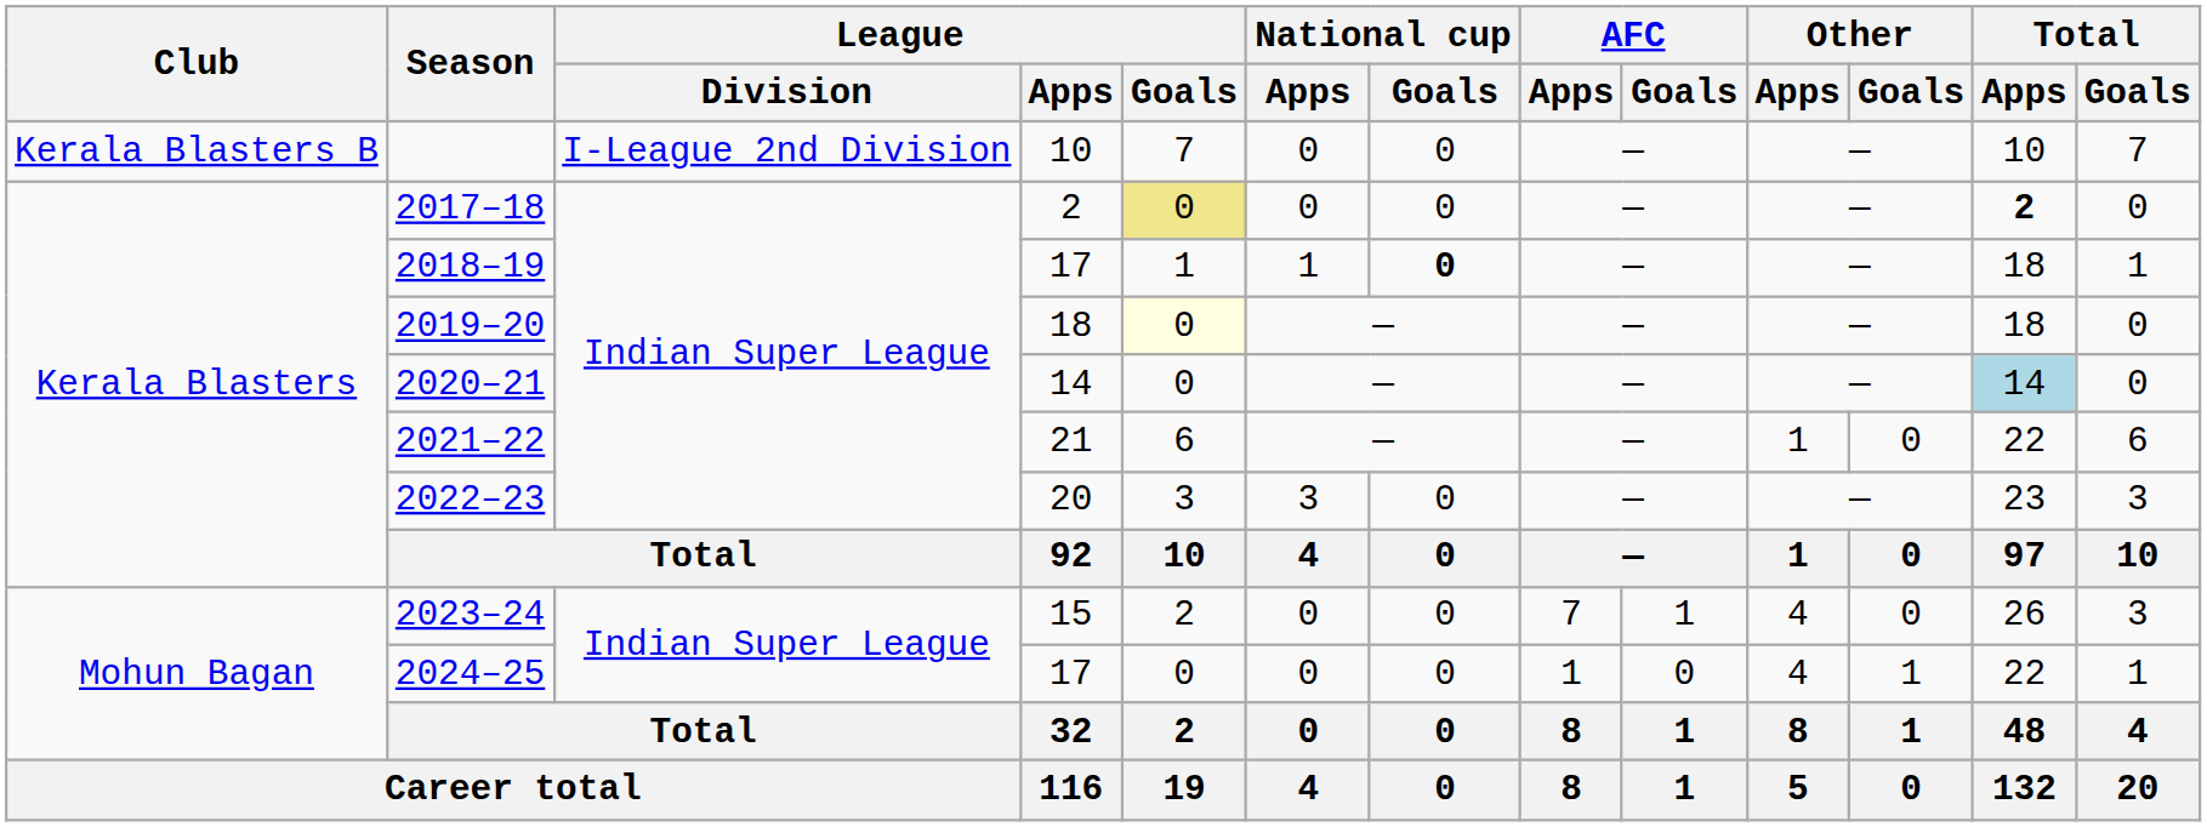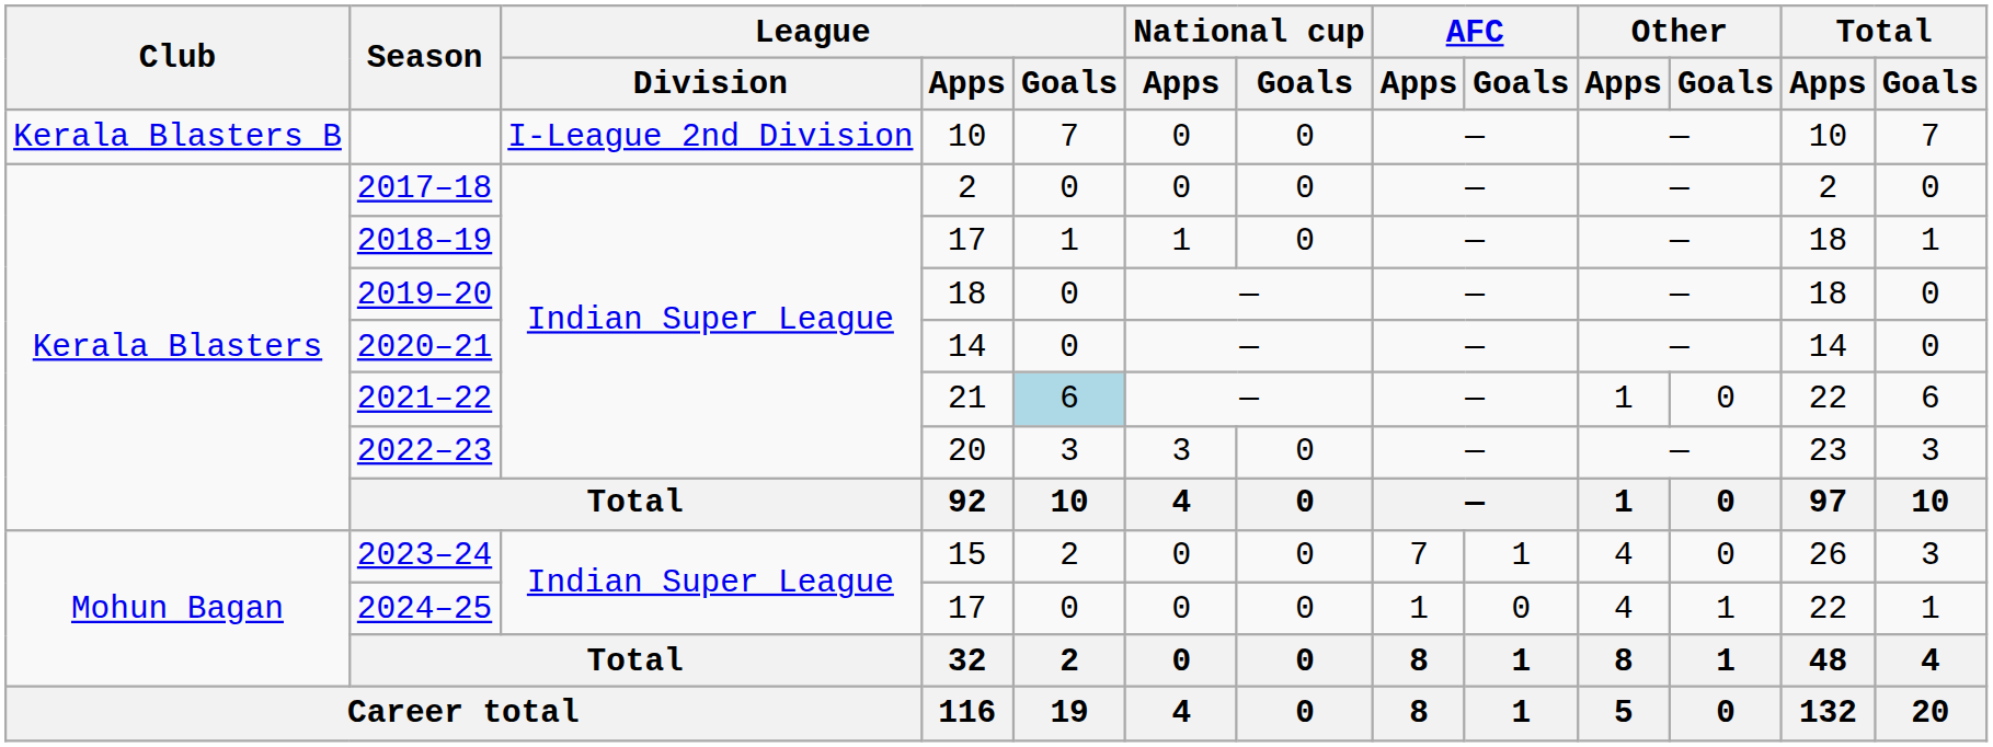 <table class="wikitable" style="text-align: center;">
 <tr>
 <th rowspan="2">Club</th>
 <th rowspan="2">Season</th>
 <th colspan="3">League</th>
 <th colspan="2">National cup</th>
 <th colspan="2"><a href='#'>AFC</a></th>
 <th colspan="2">Other</th>
 <th colspan="2">Total</th>
 </tr>
 <tr>
 <th>Division</th>
 <th>Apps</th>
 <th>Goals</th>
 <th>Apps</th>
 <th>Goals</th>
 <th>Apps</th>
 <th>Goals</th>
 <th>Apps</th>
 <th>Goals</th>
 <th>Apps</th>
 <th>Goals</th>
 </tr>
 <tr>
 <td><a href='#'>Kerala Blasters B</a></td>
 <td></td>
 <td rowspan="1"><a href='#'>I-League 2nd Division</a></td>
 <td>10</td>
 <td>7</td>
 <td>0</td>
 <td>0</td>
 <td colspan="2">—</td>
 <td colspan="2">—</td>
 <td>10</td>
 <td>7</td>
 </tr>
 <tr>
 <td rowspan="7"><a href='#'>Kerala Blasters</a></td>
 <td><a href='#'>2017–18</a></td>
 <td rowspan="6"><a href='#'>Indian Super League</a></td>
 <td>2</td>
-<td style="background: khaki;">0</td>
+<td>0</td>
 <td>0</td>
 <td>0</td>
 <td colspan="2">—</td>
 <td colspan="2">—</td>
-<td><strong>2</strong></td>
+<td>2</td>
 <td>0</td>
 </tr>
 <tr>
 <td><a href='#'>2018–19</a></td>
 <td>17</td>
 <td>1</td>
 <td>1</td>
-<td><strong>0</strong></td>
+<td>0</td>
 <td colspan="2">—</td>
 <td colspan="2">—</td>
 <td>18</td>
 <td>1</td>
 </tr>
 <tr>
 <td><a href='#'>2019–20</a></td>
 <td>18</td>
-<td style="background: lightyellow;">0</td>
+<td>0</td>
 <td colspan="2">—</td>
 <td colspan="2">—</td>
 <td colspan="2">—</td>
 <td>18</td>
 <td>0</td>
 </tr>
 <tr>
 <td><a href='#'>2020–21</a></td>
 <td>14</td>
 <td>0</td>
 <td colspan="2">—</td>
 <td colspan="2">—</td>
 <td colspan="2">—</td>
-<td style="background: lightblue;">14</td>
+<td>14</td>
 <td>0</td>
 </tr>
 <tr>
 <td><a href='#'>2021–22</a></td>
 <td>21</td>
-<td>6</td>
+<td style="background: lightblue;">6</td>
 <td colspan="2">—</td>
 <td colspan="2">—</td>
 <td>1</td>
 <td>0</td>
 <td>22</td>
 <td>6</td>
 </tr>
 <tr>
 <td><a href='#'>2022–23</a></td>
 <td>20</td>
 <td>3</td>
 <td>3</td>
 <td>0</td>
 <td colspan="2">—</td>
 <td colspan="2">—</td>
 <td>23</td>
 <td>3</td>
 </tr>
 <tr>
 <th colspan="2">Total</th>
 <th>92</th>
 <th>10</th>
 <th>4</th>
 <th>0</th>
 <th colspan="2">—</th>
 <th>1</th>
 <th>0</th>
 <th>97</th>
 <th>10</th>
 </tr>
 <tr>
 <td rowspan="3"><a href='#'>Mohun Bagan</a></td>
 <td><a href='#'>2023–24</a></td>
 <td rowspan="2"><a href='#'>Indian Super League</a></td>
 <td>15</td>
 <td>2</td>
 <td>0</td>
 <td>0</td>
 <td>7</td>
 <td>1</td>
 <td>4</td>
 <td>0</td>
 <td>26</td>
 <td>3</td>
 </tr>
 <tr>
 <td><a href='#'>2024–25</a></td>
 <td>17</td>
 <td>0</td>
 <td>0</td>
 <td>0</td>
 <td>1</td>
 <td>0</td>
 <td>4</td>
 <td>1</td>
 <td>22</td>
 <td>1</td>
 </tr>
 <tr>
 <th colspan="2">Total</th>
 <th>32</th>
 <th>2</th>
 <th>0</th>
 <th>0</th>
 <th>8</th>
 <th>1</th>
 <th>8</th>
 <th>1</th>
 <th>48</th>
 <th>4</th>
 </tr>
 <tr>
 <th colspan="3">Career total</th>
 <th>116</th>
 <th>19</th>
 <th>4</th>
 <th>0</th>
 <th>8</th>
 <th>1</th>
 <th>5</th>
 <th>0</th>
 <th>132</th>
 <th>20</th>
 </tr>
 </table>
